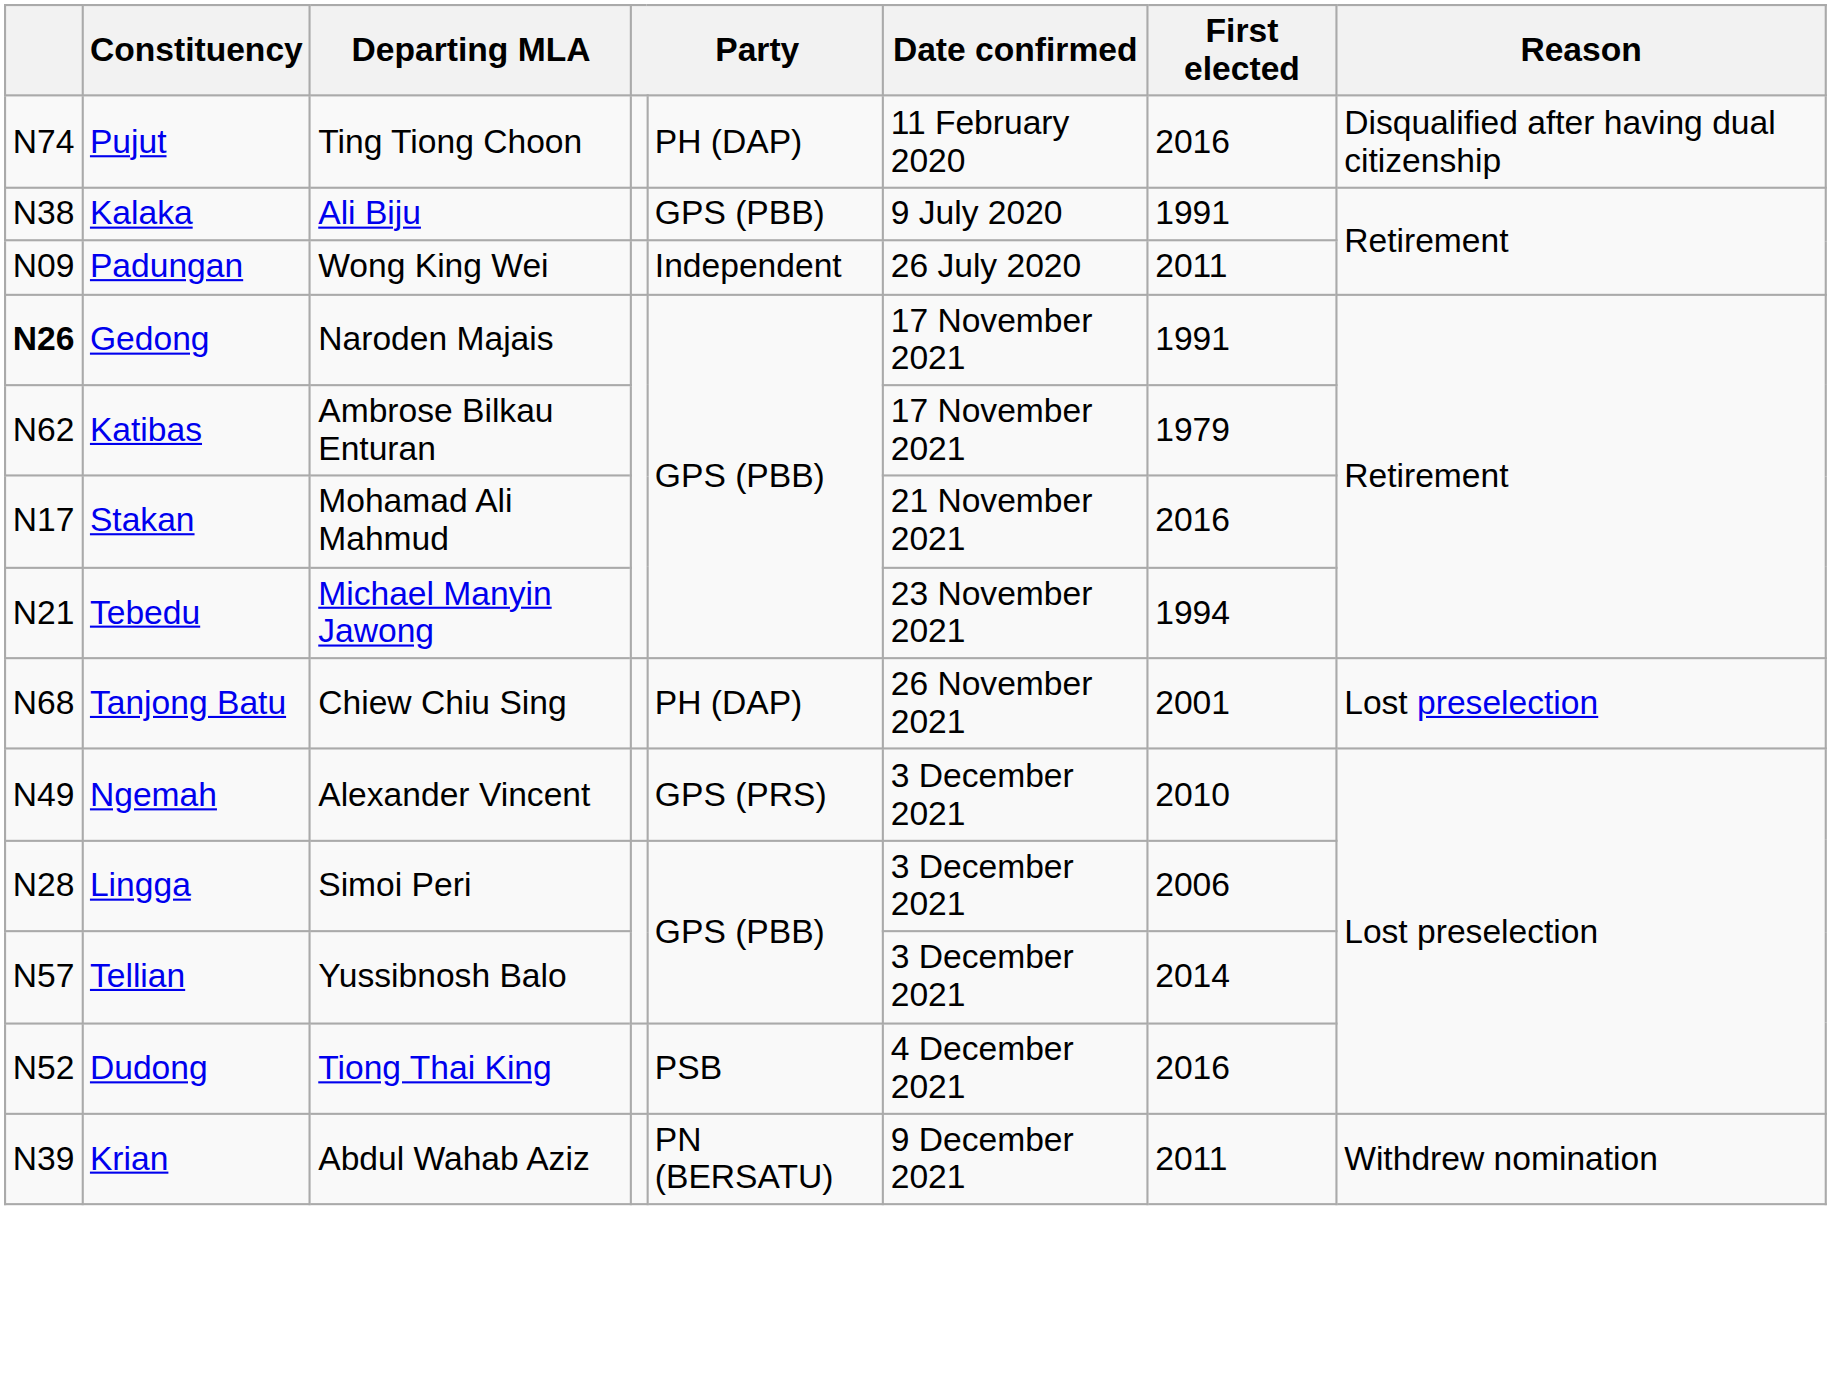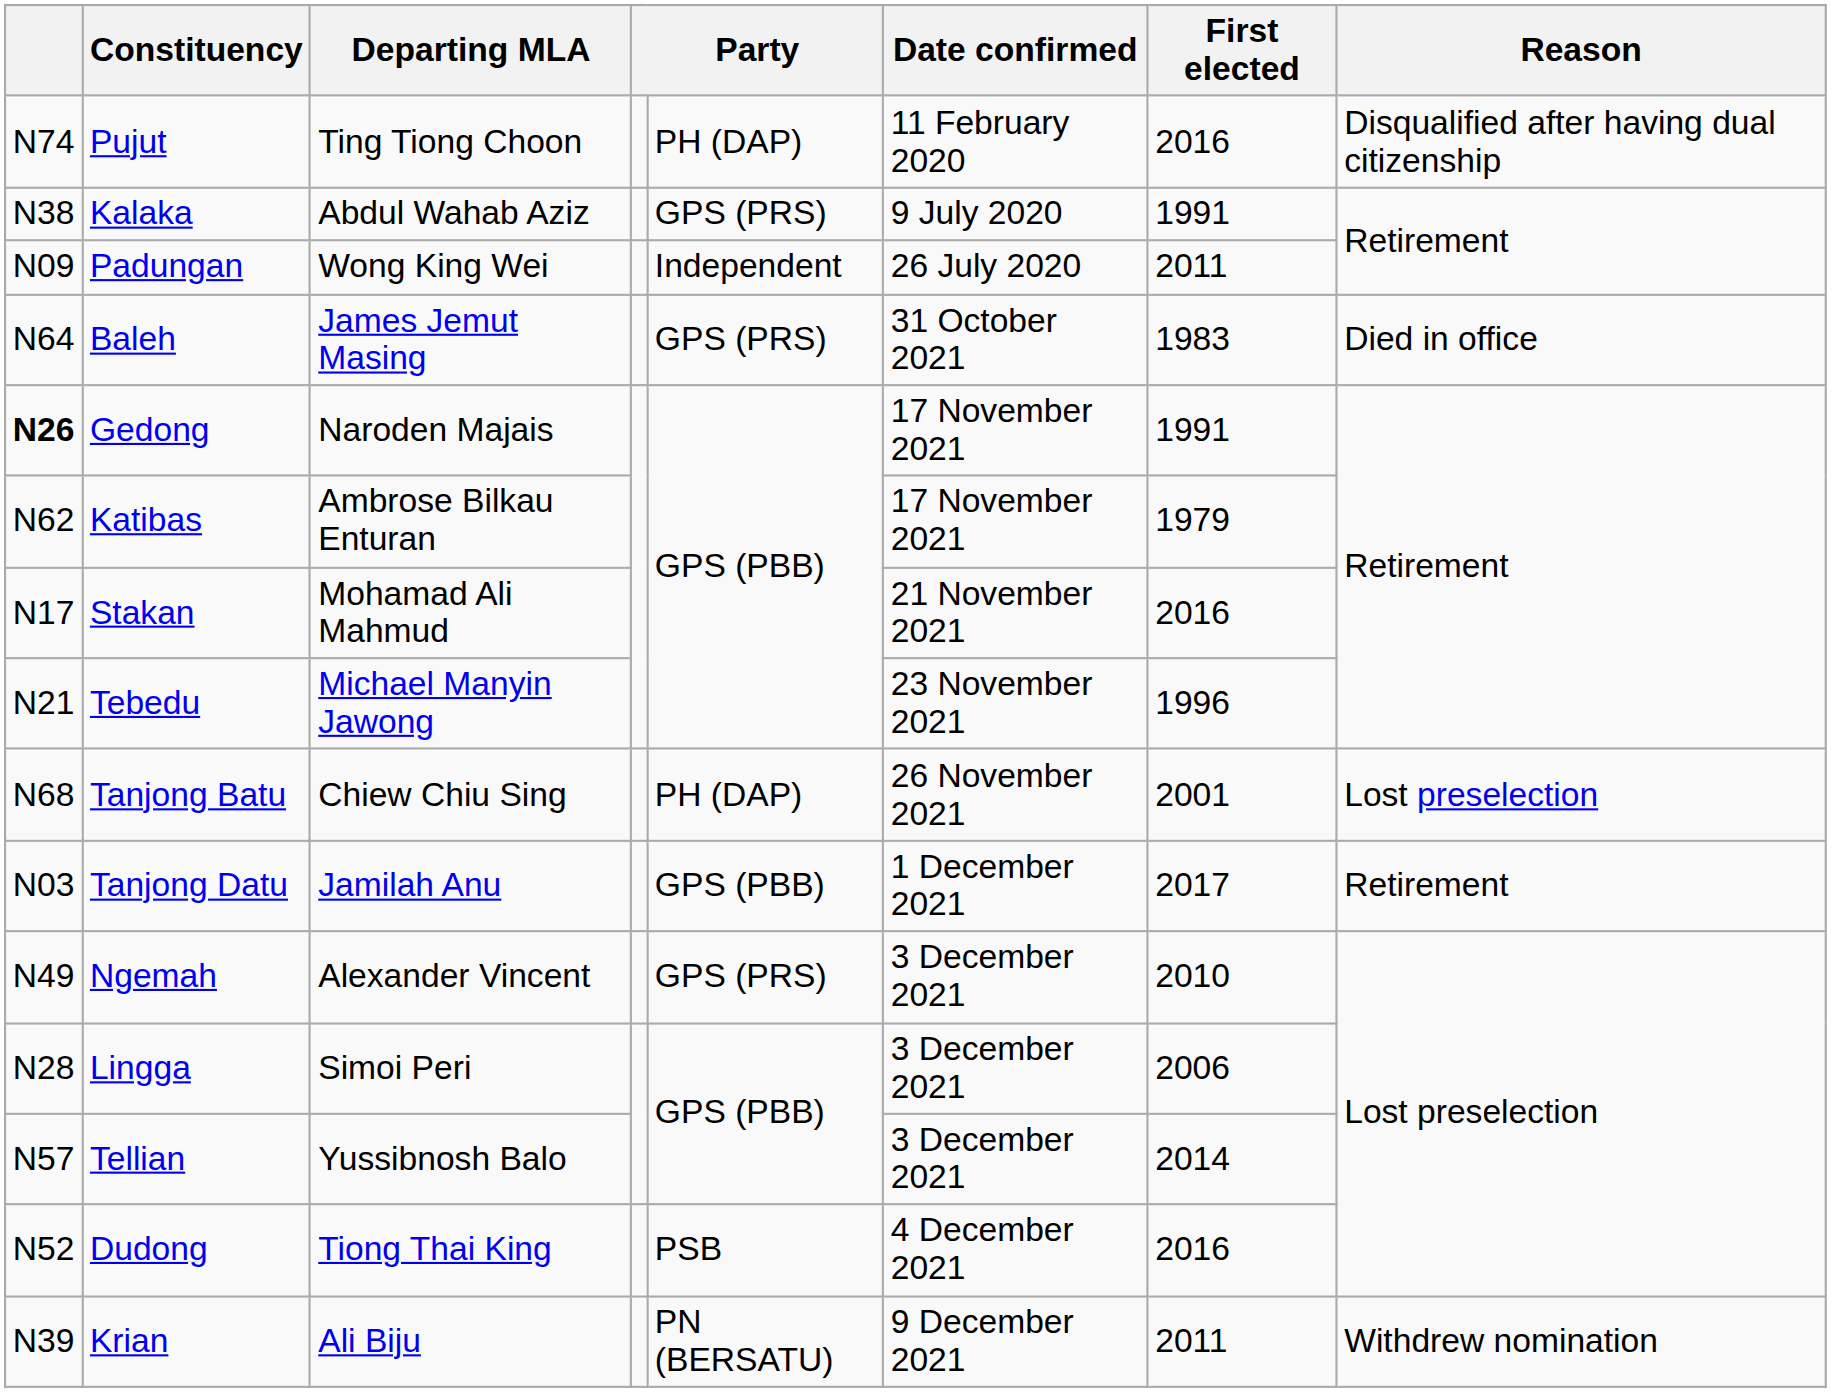 <table class="wikitable">
 <tr>
 <th></th>
 <th>Constituency</th>
 <th>Departing MLA</th>
 <th colspan="2">Party</th>
 <th>Date confirmed</th>
 <th>First elected</th>
 <th>Reason</th>
 </tr>
 <tr>
 <td>N74</td>
 <td><a href='#'>Pujut</a></td>
 <td>Ting Tiong Choon</td>
 <td style="background-color:"></td>
 <td>PH (DAP)</td>
 <td>11 February 2020</td>
 <td>2016</td>
 <td>Disqualified after having dual citizenship</td>
 </tr>
 <tr>
 <td>N38</td>
 <td><a href='#'>Kalaka</a></td>
-<td><a href='#'>Ali Biju</a></td>
+<td>Abdul Wahab Aziz</td>
 <td style="background-color:"></td>
-<td>GPS (PBB)</td>
+<td>GPS (PRS)</td>
 <td>9 July 2020</td>
 <td>1991</td>
 <td rowspan="2">Retirement</td>
 </tr>
 <tr>
 <td>N09</td>
 <td><a href='#'>Padungan</a></td>
 <td>Wong King Wei</td>
 <td style="background-color:"></td>
 <td>Independent</td>
 <td>26 July 2020</td>
 <td>2011</td>
+</tr>
+<tr>
+<td>N64</td>
+<td><a href='#'>Baleh</a></td>
+<td><a href='#'>James Jemut Masing</a></td>
+<td style="background-color:"></td>
+<td>GPS (PRS)</td>
+<td>31 October 2021</td>
+<td>1983</td>
+<td>Died in office</td>
 </tr>
 <tr>
 <td><strong>N26</strong></td>
 <td><a href='#'>Gedong</a></td>
 <td>Naroden Majais</td>
 <td rowspan="4" style="background-color:"></td>
 <td rowspan="4">GPS (PBB)</td>
 <td>17 November 2021</td>
 <td>1991</td>
 <td rowspan="4">Retirement</td>
 </tr>
 <tr>
 <td>N62</td>
 <td><a href='#'>Katibas</a></td>
 <td>Ambrose Bilkau Enturan</td>
 <td>17 November 2021</td>
 <td>1979</td>
 </tr>
 <tr>
 <td>N17</td>
 <td><a href='#'>Stakan</a></td>
 <td>Mohamad Ali Mahmud</td>
 <td>21 November 2021</td>
 <td>2016</td>
 </tr>
 <tr>
 <td>N21</td>
 <td><a href='#'>Tebedu</a></td>
 <td><a href='#'>Michael Manyin Jawong</a></td>
 <td>23 November 2021</td>
-<td>1994</td>
+<td>1996</td>
 </tr>
 <tr>
 <td>N68</td>
 <td><a href='#'>Tanjong Batu</a></td>
 <td>Chiew Chiu Sing</td>
 <td style="background-color:"></td>
 <td>PH (DAP)</td>
 <td>26 November 2021</td>
 <td>2001</td>
 <td>Lost <a href='#'>preselection</a></td>
+</tr>
+<tr>
+<td>N03</td>
+<td><a href='#'>Tanjong Datu</a></td>
+<td><a href='#'>Jamilah Anu</a></td>
+<td style="background-color:"></td>
+<td>GPS (PBB)</td>
+<td>1 December 2021</td>
+<td>2017</td>
+<td>Retirement</td>
 </tr>
 <tr>
 <td>N49</td>
 <td><a href='#'>Ngemah</a></td>
 <td>Alexander Vincent</td>
 <td style="background-color:"></td>
 <td>GPS (PRS)</td>
 <td>3 December 2021</td>
 <td>2010</td>
 <td rowspan="4">Lost preselection</td>
 </tr>
 <tr>
 <td>N28</td>
 <td><a href='#'>Lingga</a></td>
 <td>Simoi Peri</td>
 <td rowspan="2" style="background-color:"></td>
 <td rowspan="2">GPS (PBB)</td>
 <td>3 December 2021</td>
 <td>2006</td>
 </tr>
 <tr>
 <td>N57</td>
 <td><a href='#'>Tellian</a></td>
 <td>Yussibnosh Balo</td>
 <td>3 December 2021</td>
 <td>2014</td>
 </tr>
 <tr>
 <td>N52</td>
 <td><a href='#'>Dudong</a></td>
 <td><a href='#'>Tiong Thai King</a></td>
 <td style="background-color:"></td>
 <td>PSB</td>
 <td>4 December 2021</td>
 <td>2016</td>
 </tr>
 <tr>
 <td>N39</td>
 <td><a href='#'>Krian</a></td>
-<td>Abdul Wahab Aziz</td>
+<td><a href='#'>Ali Biju</a></td>
 <td style="background-color:"></td>
 <td>PN (BERSATU)</td>
 <td>9 December 2021</td>
 <td>2011</td>
 <td>Withdrew nomination</td>
 </tr>
 </table>
